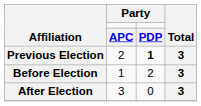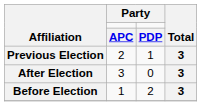 <table class=wikitable style="text-align:center">
 <tr style="vertical-align:bottom;">
 <th rowspan=3>Affiliation</th>
 <th colspan=2>Party</th>
 <th rowspan=3>Total</th>
 </tr>
 <tr>
 <td style="background-color:"></td>
 <td style="background-color:"></td>
 </tr>
 <tr>
 <th><a href='#'>APC</a></th>
 <th><a href='#'>PDP</a></th>
 </tr>
 <tr>
 <th>Previous Election</th>
 <td>2</td>
-<td><strong>1</strong></td>
+<td>1</td>
+<th>3</th>
+</tr>
+<tr>
+<th>After Election</th>
+<td>3</td>
+<td>0</td>
 <th>3</th>
 </tr>
 <tr>
 <th>Before Election</th>
 <td>1</td>
 <td>2</td>
 <th>3</th>
 </tr>
 <tr>
-<th>After Election</th>
-<td>3</td>
-<td>0</td>
-<th>3</th>
-</tr>
-<tr>
 </tr>
 </table>
